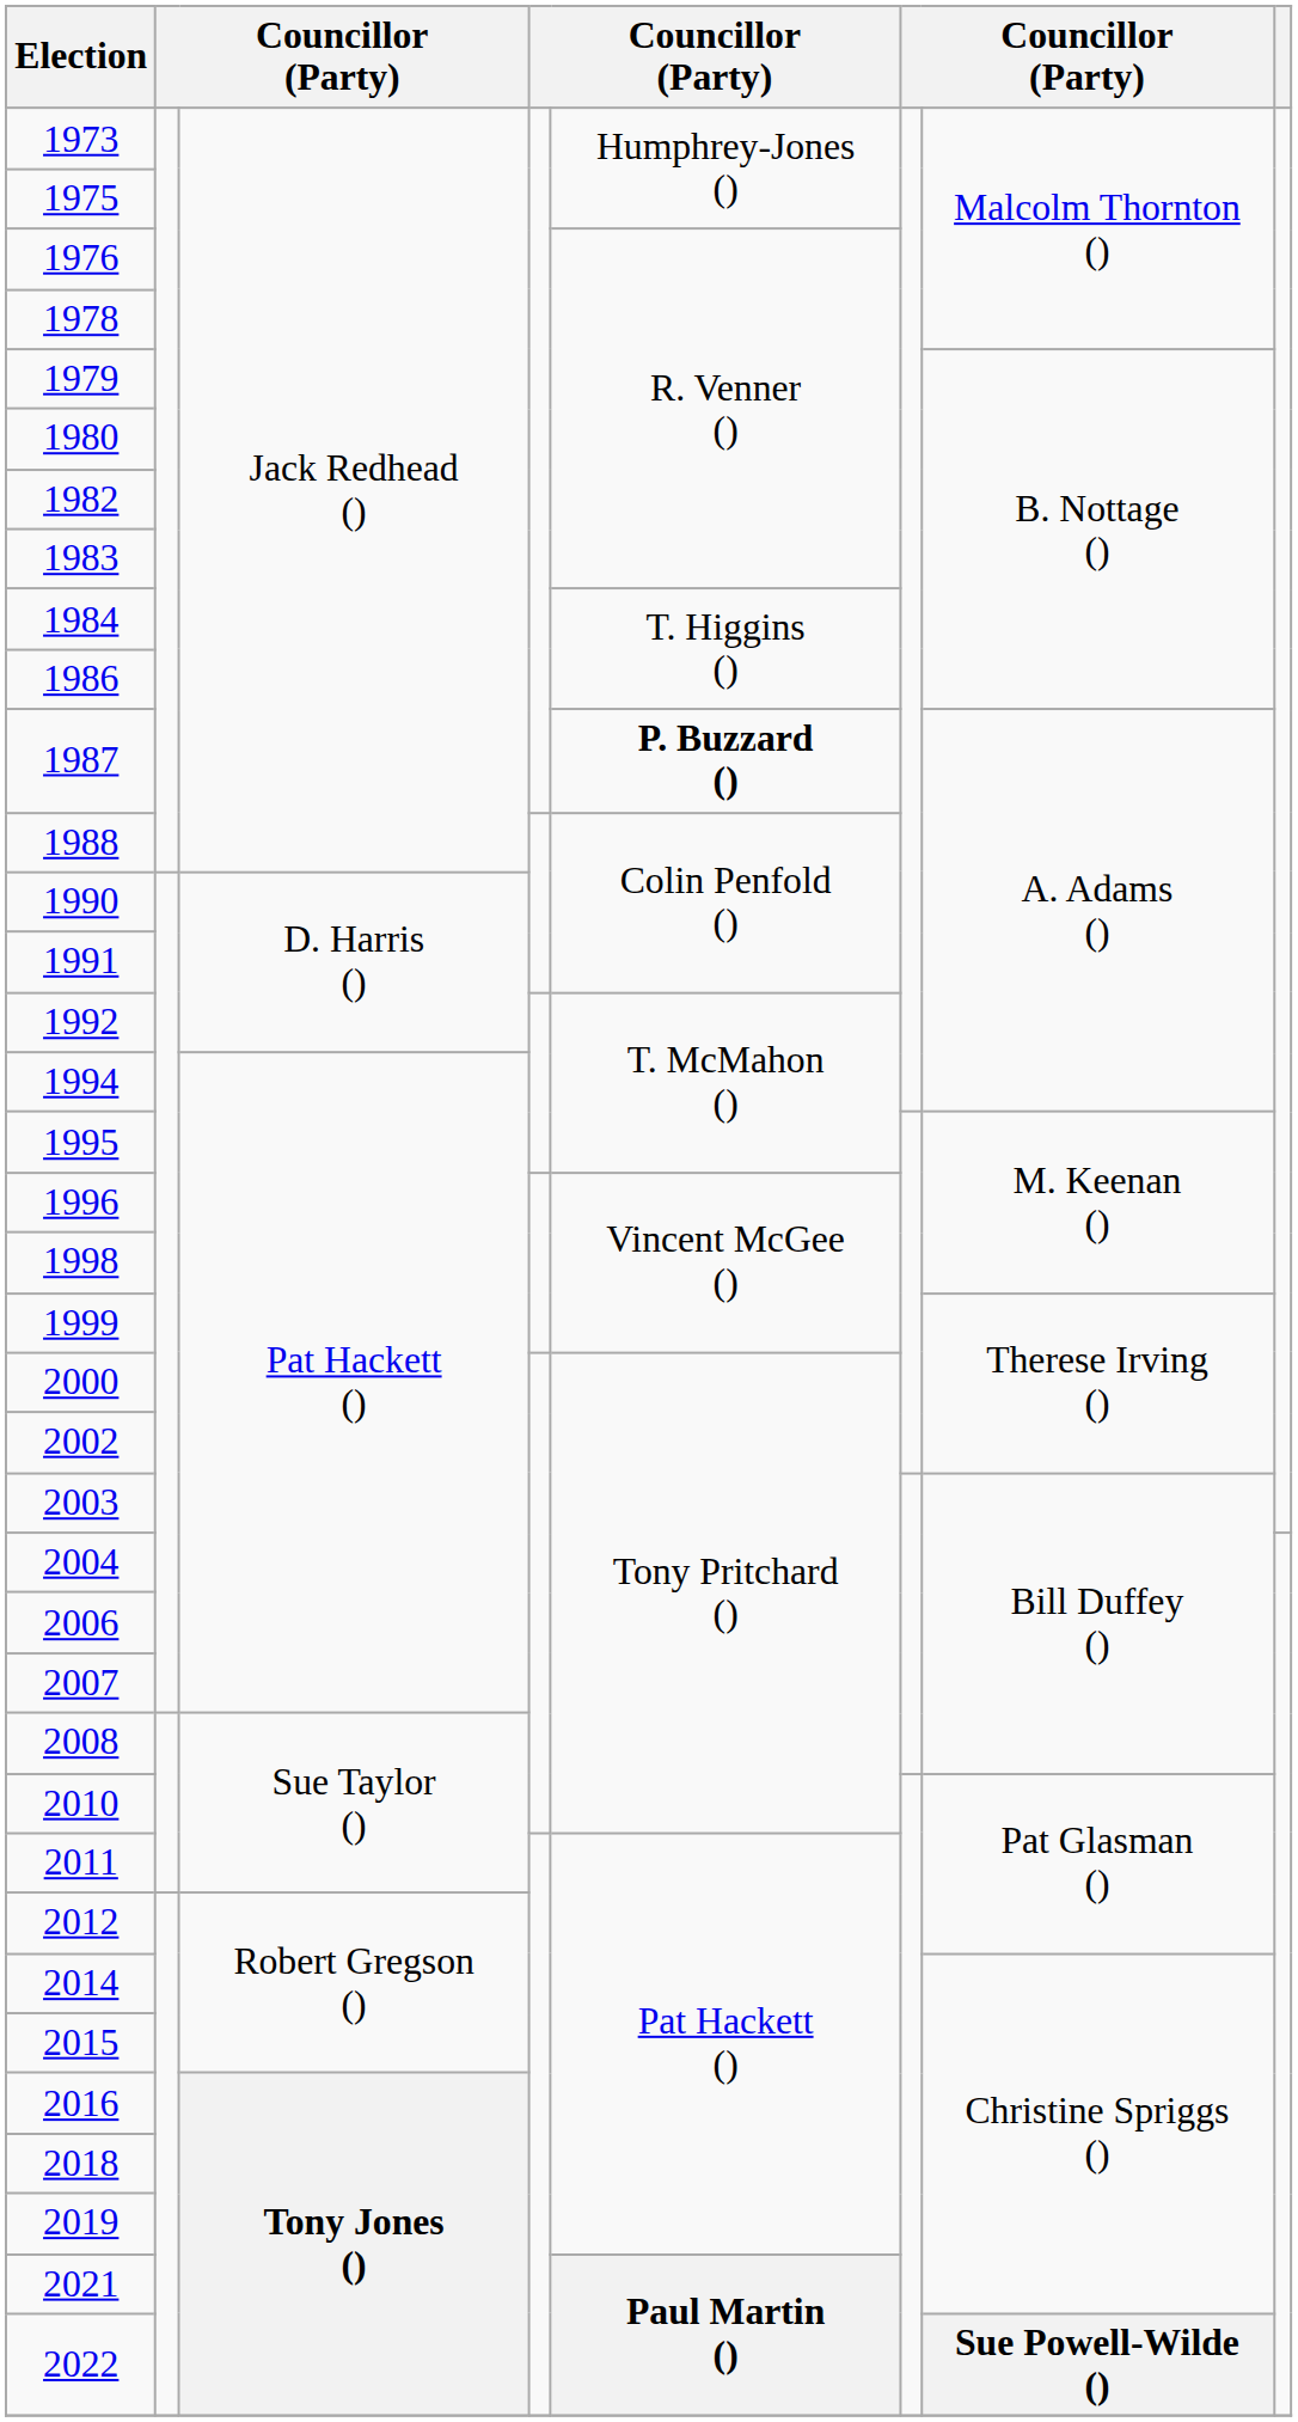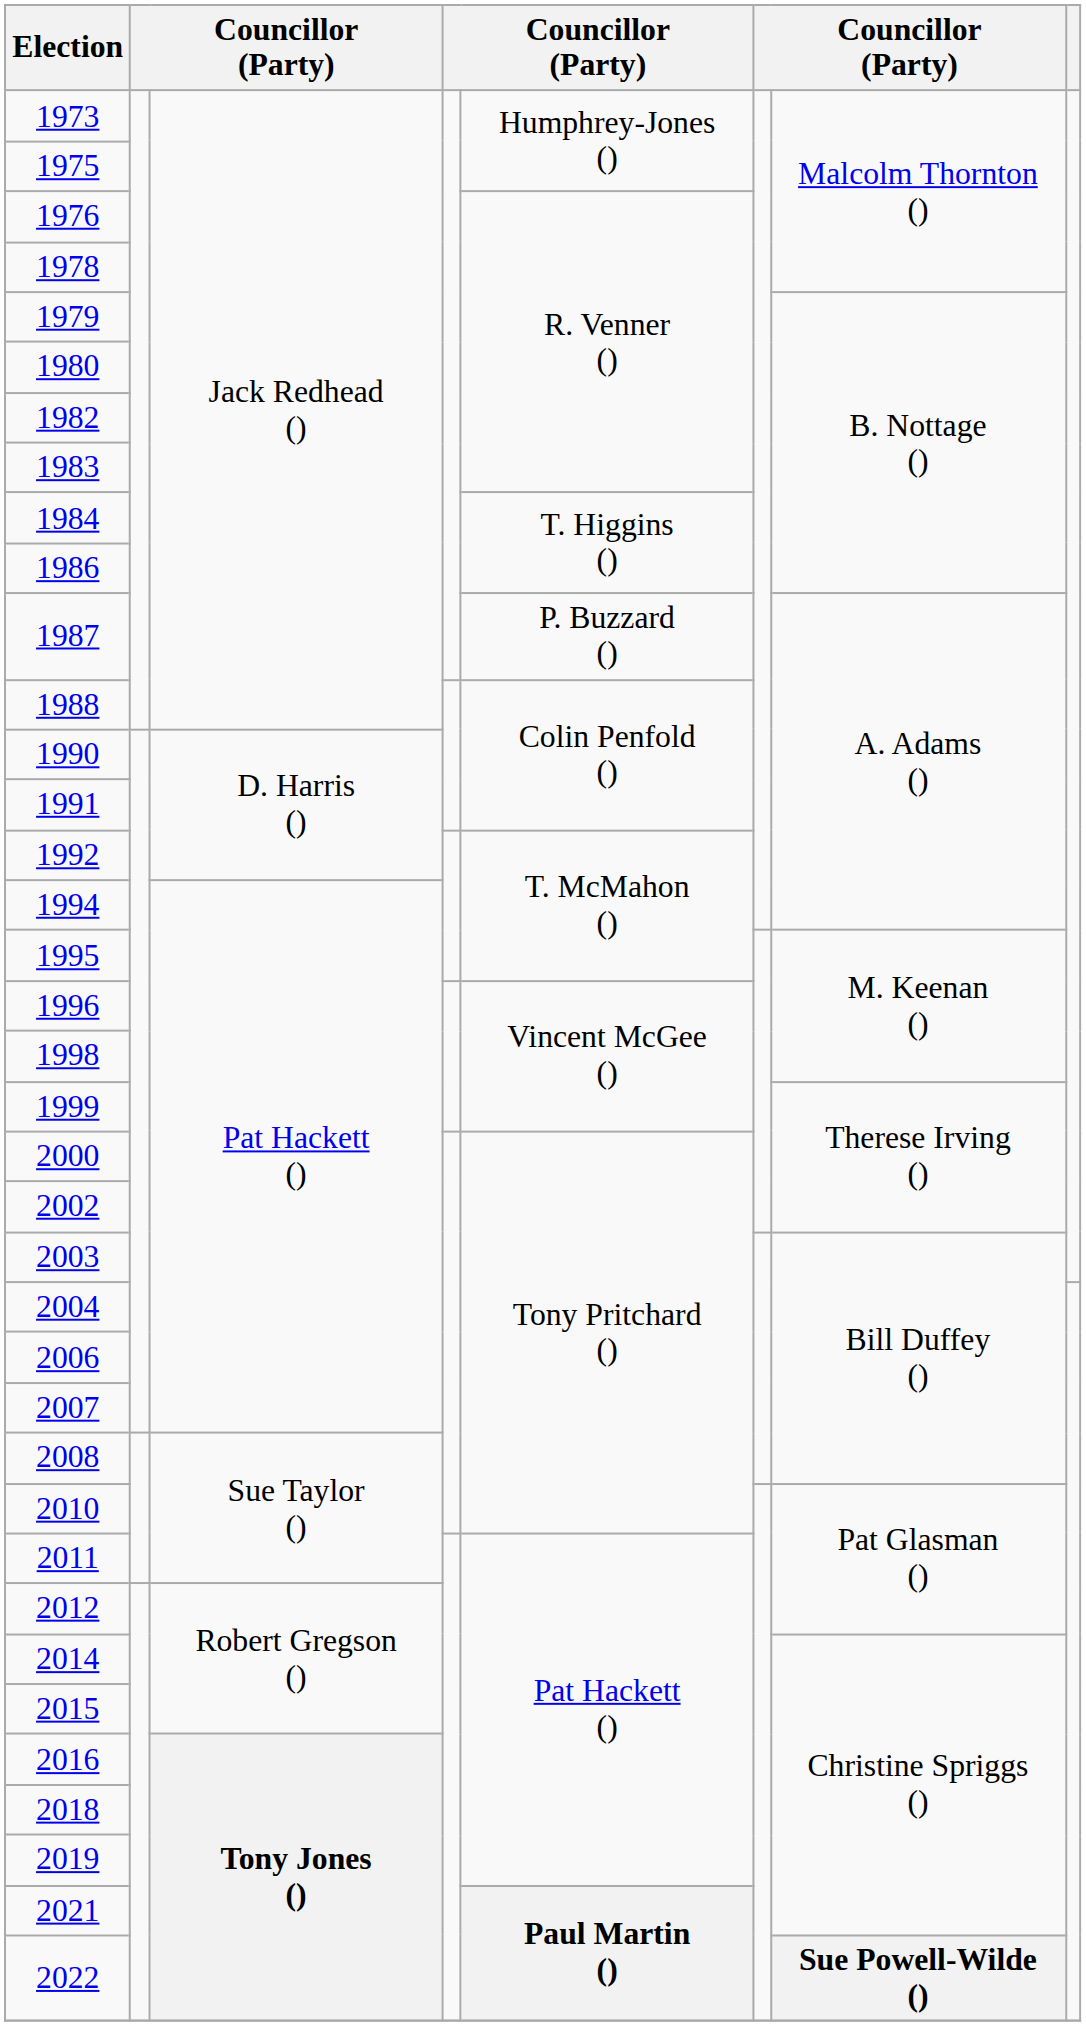 <table class="wikitable" style="text-align:center">
 <tr>
 <th>Election</th>
 <th scope="col" width="150" colspan = "2">Councillor<br> (Party)</th>
 <th scope="col" width="150" colspan = "2">Councillor<br> (Party)</th>
 <th scope="col" width="150" colspan = "2">Councillor<br> (Party)</th>
 <th></th>
 </tr>
 <tr>
 <td><a href='#'>1973</a></td>
 <td rowspan=12 style="background-color: "></td>
 <td rowspan=12>Jack Redhead<br>(<a href='#'></a>)</td>
 <td rowspan=11 style="background-color: "></td>
 <td rowspan=2>Humphrey-Jones<br>(<a href='#'></a>)</td>
 <td rowspan=16 style="background-color: "></td>
 <td rowspan=4><a href='#'>Malcolm Thornton</a><br>(<a href='#'></a>)</td>
 <td rowspan=23></td>
 </tr>
 <tr>
 <td><a href='#'>1975</a></td>
 </tr>
 <tr>
 <td><a href='#'>1976</a></td>
 <td rowspan=6>R. Venner<br>(<a href='#'></a>)</td>
 </tr>
 <tr>
 <td><a href='#'>1978</a></td>
 </tr>
 <tr>
 <td><a href='#'>1979</a></td>
 <td rowspan=6>B. Nottage<br>(<a href='#'></a>)</td>
 </tr>
 <tr>
 <td><a href='#'>1980</a></td>
 </tr>
 <tr>
 <td><a href='#'>1982</a></td>
 </tr>
 <tr>
 <td><a href='#'>1983</a></td>
 </tr>
 <tr>
 <td><a href='#'>1984</a></td>
 <td rowspan=2>T. Higgins<br>(<a href='#'></a>)</td>
 </tr>
 <tr>
 <td><a href='#'>1986</a></td>
 </tr>
 <tr>
 <td><a href='#'>1987</a></td>
-<td><strong>P. Buzzard<br>(<a href='#'></a>)</strong></td>
+<td>P. Buzzard<br>(<a href='#'></a>)</td>
 <td rowspan=6>A. Adams<br>(<a href='#'></a>)</td>
 </tr>
 <tr>
 <td><a href='#'>1988</a></td>
 <td rowspan=3 style="background-color: "></td>
 <td rowspan=3>Colin Penfold<br>(<a href='#'></a>)</td>
 </tr>
 <tr>
 <td><a href='#'>1990</a></td>
 <td rowspan=14 style="background-color: "></td>
 <td rowspan=3>D. Harris<br>(<a href='#'></a>)</td>
 </tr>
 <tr>
 <td><a href='#'>1991</a></td>
 </tr>
 <tr>
 <td><a href='#'>1992</a></td>
 <td rowspan=3 style="background-color: "></td>
 <td rowspan=3>T. McMahon<br>(<a href='#'></a>)</td>
 </tr>
 <tr>
 <td><a href='#'>1994</a></td>
 <td rowspan=11><a href='#'>Pat Hackett</a><br>(<a href='#'></a>)</td>
 </tr>
 <tr>
 <td><a href='#'>1995</a></td>
 <td rowspan=6 style="background-color: "></td>
 <td rowspan=3>M. Keenan<br>(<a href='#'></a>)</td>
 </tr>
 <tr>
 <td><a href='#'>1996</a></td>
 <td rowspan=3 style="background-color: "></td>
 <td rowspan=3>Vincent McGee<br>(<a href='#'></a>)</td>
 </tr>
 <tr>
 <td><a href='#'>1998</a></td>
 </tr>
 <tr>
 <td><a href='#'>1999</a></td>
 <td rowspan=3>Therese Irving<br>(<a href='#'></a>)</td>
 </tr>
 <tr>
 <td><a href='#'>2000</a></td>
 <td rowspan=8 style="background-color: "></td>
 <td rowspan=8>Tony Pritchard<br>(<a href='#'></a>)</td>
 </tr>
 <tr>
 <td><a href='#'>2002</a></td>
 </tr>
 <tr>
 <td><a href='#'>2003</a></td>
 <td rowspan=5 style="background-color: "></td>
 <td rowspan=5>Bill Duffey<br>(<a href='#'></a>)</td>
 </tr>
 <tr>
 <td><a href='#'>2004</a></td>
 <td rowspan=14></td>
 </tr>
 <tr>
 <td><a href='#'>2006</a></td>
 </tr>
 <tr>
 <td><a href='#'>2007</a></td>
 </tr>
 <tr>
 <td><a href='#'>2008</a></td>
 <td rowspan=3 style="background-color: "></td>
 <td rowspan=3>Sue Taylor<br>(<a href='#'></a>)</td>
 </tr>
 <tr>
 <td><a href='#'>2010</a></td>
 <td rowspan=10 style="background-color: "></td>
 <td rowspan=3>Pat Glasman<br>(<a href='#'></a>)</td>
 </tr>
 <tr>
 <td><a href='#'>2011</a></td>
 <td rowspan=9 style="background-color: "></td>
 <td rowspan=7><a href='#'>Pat Hackett</a><br>(<a href='#'></a>)</td>
 </tr>
 <tr>
 <td><a href='#'>2012</a></td>
 <td rowspan=8 style="background-color: "></td>
 <td rowspan=3>Robert Gregson<br>(<a href='#'></a>)</td>
 </tr>
 <tr>
 <td><a href='#'>2014</a></td>
 <td rowspan=6>Christine Spriggs<br>(<a href='#'></a>)</td>
 </tr>
 <tr>
 <td><a href='#'>2015</a></td>
 </tr>
 <tr>
 <td><a href='#'>2016</a></td>
 <th rowspan=5>Tony Jones<br>(<a href='#'></a>)</th>
 </tr>
 <tr>
 <td><a href='#'>2018</a></td>
 </tr>
 <tr>
 <td><a href='#'>2019</a></td>
 </tr>
 <tr>
 <td><a href='#'>2021</a></td>
 <th rowspan=2>Paul Martin<br>(<a href='#'></a>)</th>
 </tr>
 <tr>
 <td><a href='#'>2022</a></td>
 <th rowspan=1>Sue Powell-Wilde<br>(<a href='#'></a>)</th>
 </tr>
 <tr>
 </tr>
 </table>
